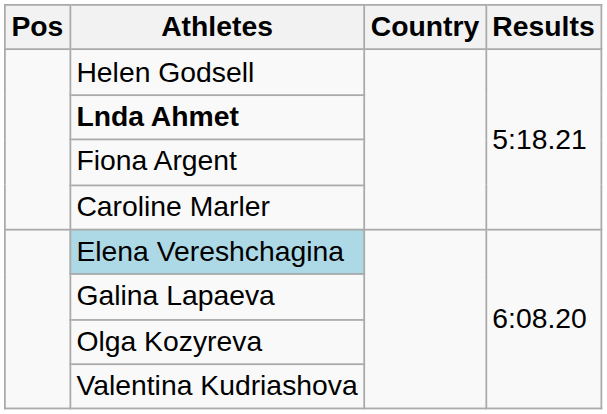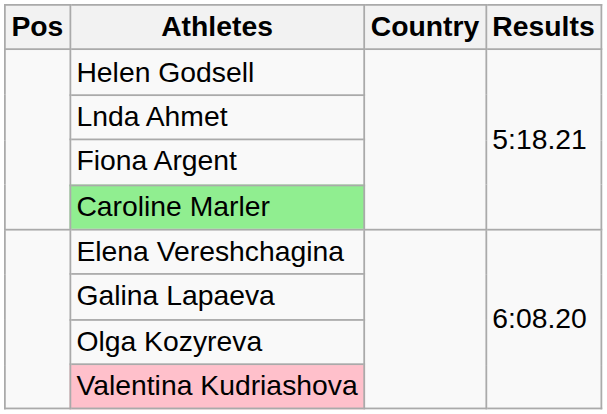 <table class="wikitable">
 <tr>
 <th>Pos</th>
 <th>Athletes</th>
 <th>Country</th>
 <th>Results</th>
 </tr>
 <tr>
 <td rowspan="4"></td>
 <td>Helen Godsell</td>
 <td rowspan="4"></td>
 <td rowspan="4">5:18.21</td>
 </tr>
 <tr>
-<td><strong>Lnda Ahmet</strong></td>
+<td>Lnda Ahmet</td>
 </tr>
 <tr>
 <td>Fiona Argent</td>
 </tr>
 <tr>
-<td>Caroline Marler</td>
+<td style="background: lightgreen;">Caroline Marler</td>
 </tr>
 <tr>
 <td rowspan="4"></td>
-<td style="background: lightblue;">Elena Vereshchagina</td>
+<td>Elena Vereshchagina</td>
 <td rowspan="4"></td>
 <td rowspan="4">6:08.20</td>
 </tr>
 <tr>
 <td>Galina Lapaeva</td>
 </tr>
 <tr>
 <td>Olga Kozyreva</td>
 </tr>
 <tr>
-<td>Valentina Kudriashova</td>
+<td style="background: pink;">Valentina Kudriashova</td>
 </tr>
 </table>
